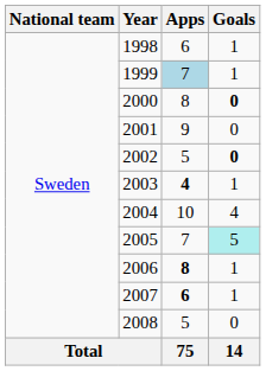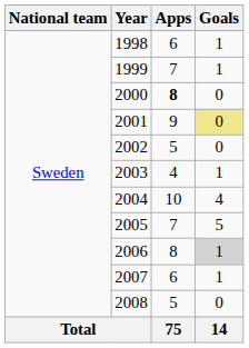 <table class="wikitable" style="text-align:center">
 <tr>
 <th>National team</th>
 <th>Year</th>
 <th>Apps</th>
 <th>Goals</th>
 </tr>
 <tr>
 <td rowspan="11"><a href='#'>Sweden</a></td>
 <td>1998</td>
 <td>6</td>
 <td>1</td>
 </tr>
 <tr>
 <td>1999</td>
-<td style="background: lightblue;">7</td>
+<td>7</td>
 <td>1</td>
 </tr>
 <tr>
 <td>2000</td>
-<td>8</td>
-<td><strong>0</strong></td>
+<td><strong>8</strong></td>
+<td>0</td>
 </tr>
 <tr>
 <td>2001</td>
 <td>9</td>
-<td>0</td>
+<td style="background: khaki;">0</td>
 </tr>
 <tr>
 <td>2002</td>
 <td>5</td>
-<td><strong>0</strong></td>
+<td>0</td>
 </tr>
 <tr>
 <td>2003</td>
-<td><strong>4</strong></td>
+<td>4</td>
 <td>1</td>
 </tr>
 <tr>
 <td>2004</td>
 <td>10</td>
 <td>4</td>
 </tr>
 <tr>
 <td>2005</td>
 <td>7</td>
-<td style="background: paleturquoise;">5</td>
+<td>5</td>
 </tr>
 <tr>
 <td>2006</td>
-<td><strong>8</strong></td>
-<td>1</td>
+<td>8</td>
+<td style="background: lightgrey;">1</td>
 </tr>
 <tr>
 <td>2007</td>
-<td><strong>6</strong></td>
+<td>6</td>
 <td>1</td>
 </tr>
 <tr>
 <td>2008</td>
 <td>5</td>
 <td>0</td>
 </tr>
 <tr>
 <th colspan="2">Total</th>
 <th>75</th>
 <th>14</th>
 </tr>
 </table>
